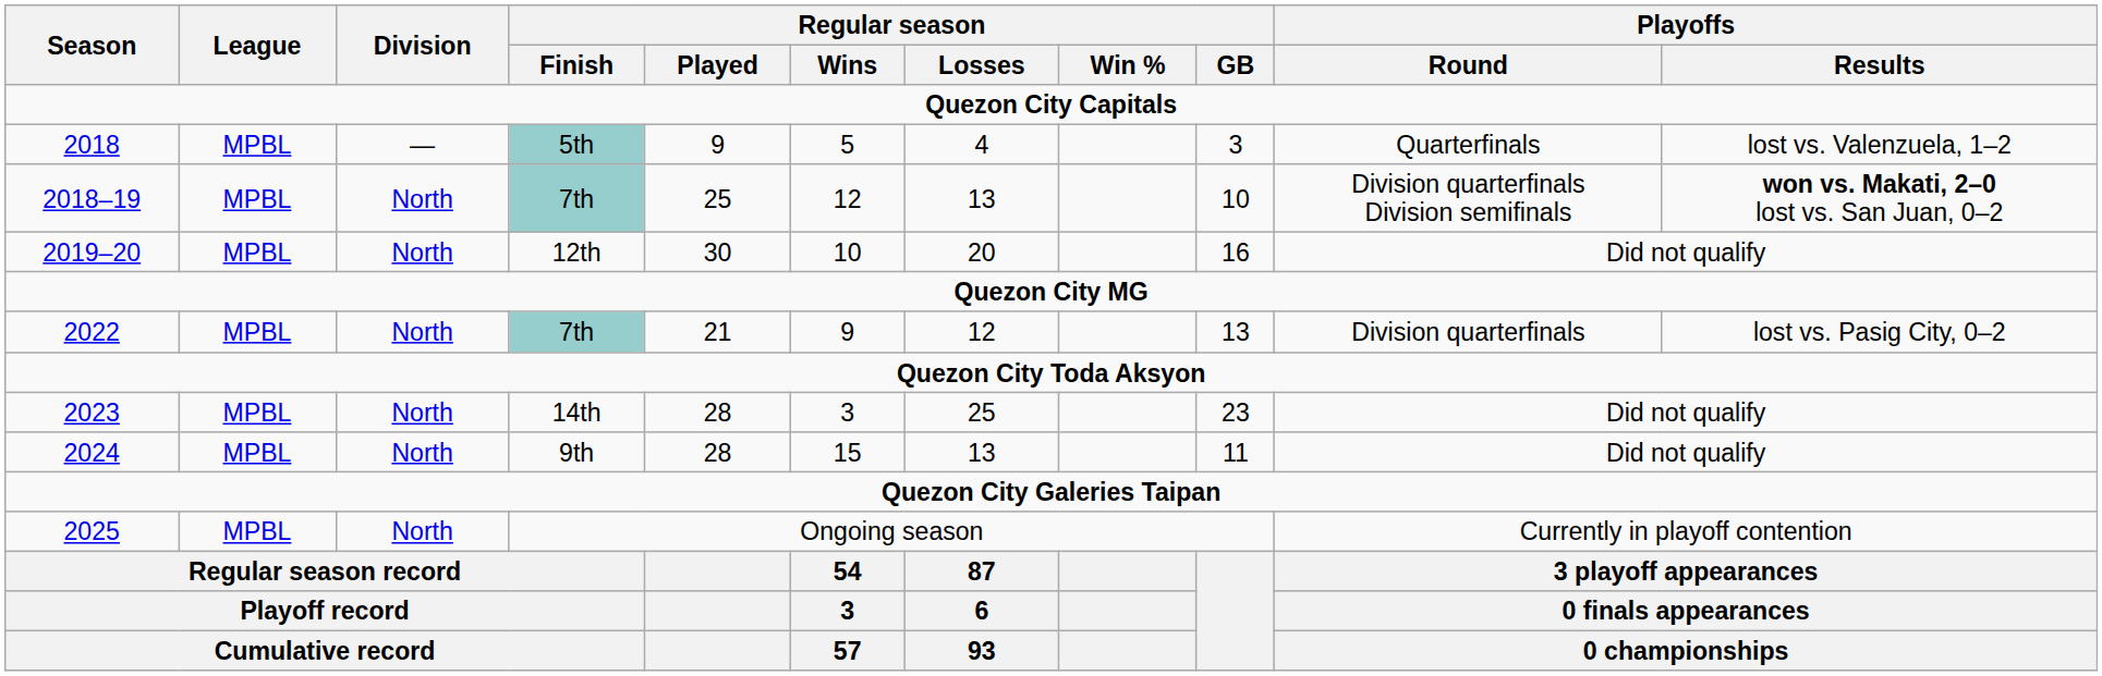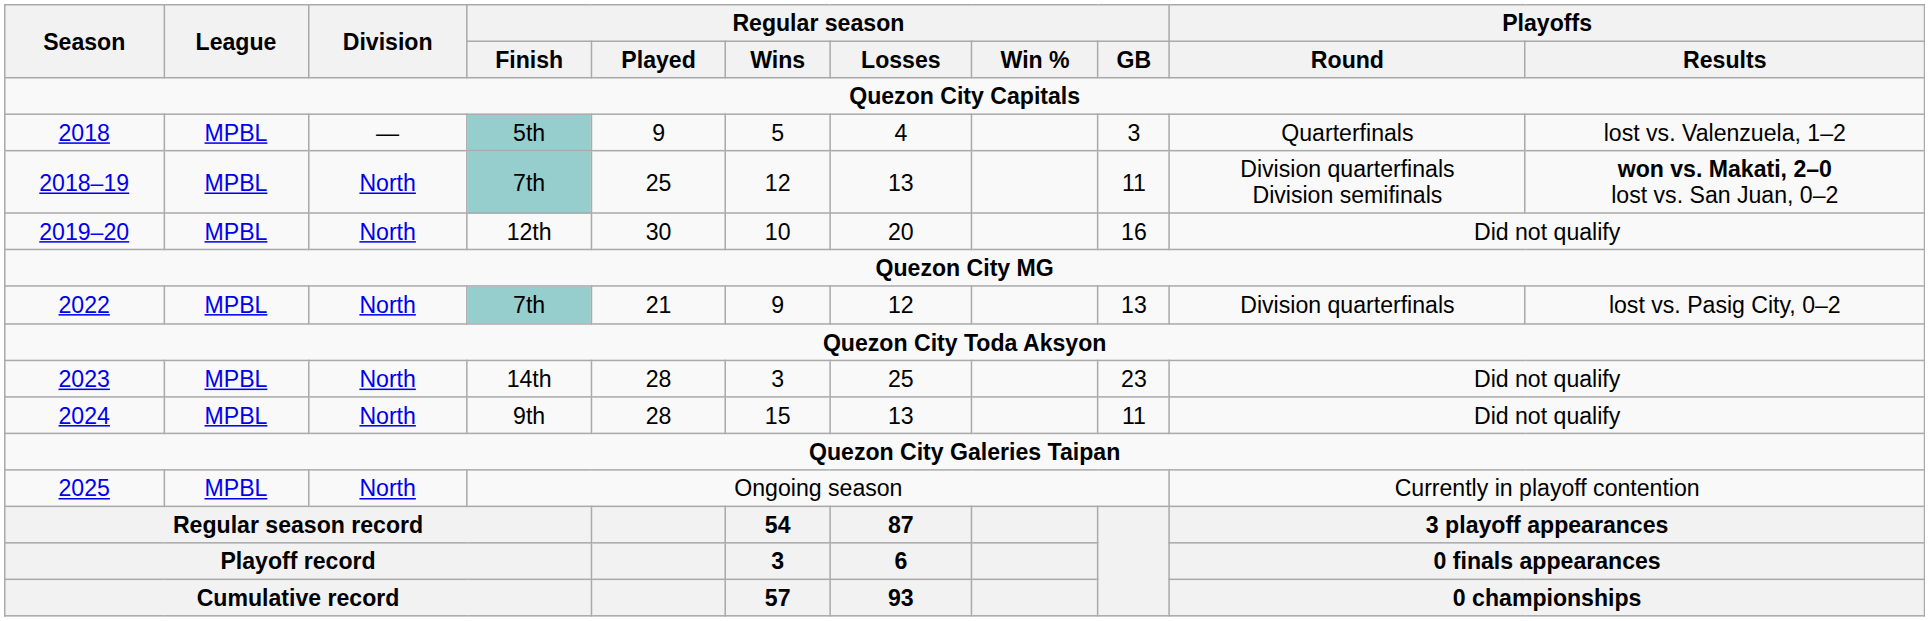 <table class="wikitable" style="width:100%; text-align:center; font-size:95%">
 <tr>
 <th rowspan=2>Season</th>
 <th rowspan=2>League</th>
 <th rowspan=2>Division</th>
 <th colspan=6>Regular season</th>
 <th colspan=2>Playoffs</th>
 </tr>
 <tr>
 <th>Finish</th>
 <th>Played</th>
 <th>Wins</th>
 <th>Losses</th>
 <th>Win %</th>
 <th>GB</th>
 <th>Round</th>
 <th>Results</th>
 </tr>
 <tr>
 <td align="center" colspan="11"><strong>Quezon City Capitals</strong></td>
 </tr>
 <tr>
 <td><a href='#'>2018</a></td>
 <td><a href='#'>MPBL</a></td>
 <td>—</td>
 <td bgcolor="#96CDCD">5th</td>
 <td>9</td>
 <td>5</td>
 <td>4</td>
 <td></td>
 <td>3</td>
 <td>Quarterfinals</td>
 <td>lost vs. Valenzuela, 1–2</td>
 </tr>
 <tr>
 <td><a href='#'>2018–19</a></td>
 <td><a href='#'>MPBL</a></td>
 <td><a href='#'>North</a></td>
 <td bgcolor="#96CDCD">7th</td>
 <td>25</td>
 <td>12</td>
 <td>13</td>
 <td></td>
-<td>10</td>
+<td>11</td>
 <td>Division quarterfinals <br> Division semifinals</td>
 <td><strong>won vs. Makati, 2–0</strong> <br> lost vs. San Juan, 0–2</td>
 </tr>
 <tr>
 <td><a href='#'>2019–20</a></td>
 <td><a href='#'>MPBL</a></td>
 <td><a href='#'>North</a></td>
 <td>12th</td>
 <td>30</td>
 <td>10</td>
 <td>20</td>
 <td></td>
 <td>16</td>
 <td colspan=2>Did not qualify</td>
 </tr>
 <tr>
 <td align="center" colspan="11"><strong>Quezon City MG</strong></td>
 </tr>
 <tr>
 <td><a href='#'>2022</a></td>
 <td><a href='#'>MPBL</a></td>
 <td><a href='#'>North</a></td>
 <td bgcolor="#96CDCD">7th</td>
 <td>21</td>
 <td>9</td>
 <td>12</td>
 <td></td>
 <td>13</td>
 <td>Division quarterfinals</td>
 <td>lost vs. Pasig City, 0–2</td>
 </tr>
 <tr>
 <td align="center" colspan="11"><strong>Quezon City Toda Aksyon</strong></td>
 </tr>
 <tr>
 <td><a href='#'>2023</a></td>
 <td><a href='#'>MPBL</a></td>
 <td><a href='#'>North</a></td>
 <td>14th</td>
 <td>28</td>
 <td>3</td>
 <td>25</td>
 <td></td>
 <td>23</td>
 <td colspan=2>Did not qualify</td>
 </tr>
 <tr>
 <td><a href='#'>2024</a></td>
 <td><a href='#'>MPBL</a></td>
 <td><a href='#'>North</a></td>
 <td>9th</td>
 <td>28</td>
 <td>15</td>
 <td>13</td>
 <td></td>
 <td>11</td>
 <td colspan=2>Did not qualify</td>
 </tr>
 <tr>
 <td align="center" colspan="11"><strong>Quezon City Galeries Taipan</strong></td>
 </tr>
 <tr>
 <td><a href='#'>2025</a></td>
 <td><a href='#'>MPBL</a></td>
 <td><a href='#'>North</a></td>
 <td colspan=6>Ongoing season</td>
 <td colspan=2>Currently in playoff contention</td>
 </tr>
 <tr>
 <th colspan=4>Regular season record</th>
 <th></th>
 <th>54</th>
 <th>87</th>
 <th></th>
 <th rowspan=3></th>
 <th colspan=2>3 playoff appearances</th>
 </tr>
 <tr>
 <th colspan=4>Playoff record</th>
 <th></th>
 <th>3</th>
 <th>6</th>
 <th></th>
 <th colspan=2>0 finals appearances</th>
 </tr>
 <tr>
 <th colspan=4>Cumulative record</th>
 <th></th>
 <th>57</th>
 <th>93</th>
 <th></th>
 <th colspan=2>0 championships</th>
 </tr>
 </table>
